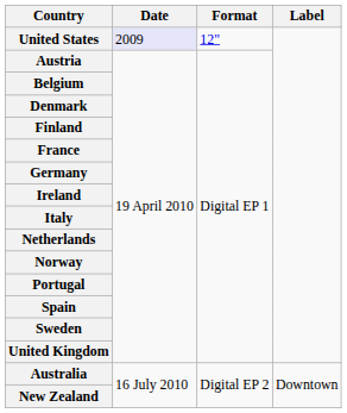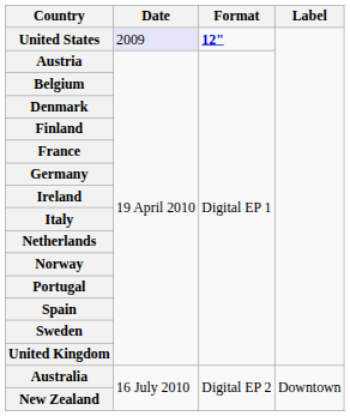 <table class="wikitable plainrowheaders">
 <tr>
 <th scope="col">Country</th>
 <th scope="col">Date</th>
 <th scope="col">Format</th>
 <th scope="col">Label</th>
 </tr>
 <tr>
 <th scope="row">United States</th>
 <td style="background: lavender;">2009</td>
-<td><a href='#'>12"</a></td>
+<td><strong><a href='#'>12"</a></strong></td>
 <td rowspan="15"></td>
 </tr>
 <tr>
 <th scope="row">Austria</th>
 <td rowspan="14">19 April 2010</td>
 <td rowspan="14">Digital EP 1</td>
 </tr>
 <tr>
 <th scope="row">Belgium</th>
 </tr>
 <tr>
 <th scope="row">Denmark</th>
 </tr>
 <tr>
 <th scope="row">Finland</th>
 </tr>
 <tr>
 <th scope="row">France</th>
 </tr>
 <tr>
 <th scope="row">Germany</th>
 </tr>
 <tr>
 <th scope="row">Ireland</th>
 </tr>
 <tr>
 <th scope="row">Italy</th>
 </tr>
 <tr>
 <th scope="row">Netherlands</th>
 </tr>
 <tr>
 <th scope="row">Norway</th>
 </tr>
 <tr>
 <th scope="row">Portugal</th>
 </tr>
 <tr>
 <th scope="row">Spain</th>
 </tr>
 <tr>
 <th scope="row">Sweden</th>
 </tr>
 <tr>
 <th scope="row">United Kingdom</th>
 </tr>
 <tr>
 <th scope="row">Australia</th>
 <td rowspan="2">16 July 2010</td>
 <td rowspan="2">Digital EP 2</td>
 <td rowspan="2">Downtown</td>
 </tr>
 <tr>
 <th scope="row">New Zealand</th>
 </tr>
 </table>
